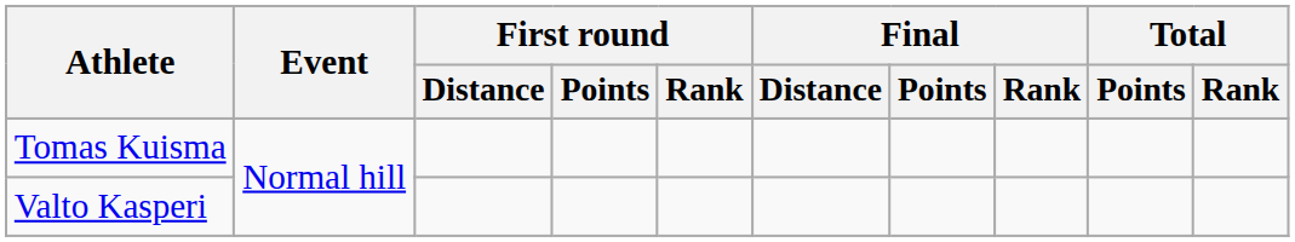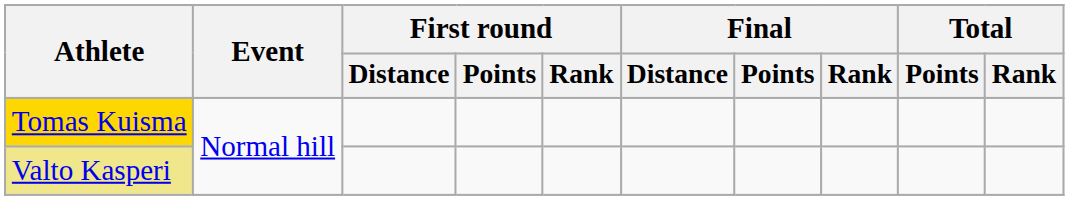 <table class="wikitable" style="font-size:90%">
 <tr>
 <th rowspan=2>Athlete</th>
 <th rowspan=2>Event</th>
 <th colspan=3>First round</th>
 <th colspan=3>Final</th>
 <th colspan=2>Total</th>
 </tr>
 <tr style="font-size:95%">
 <th>Distance</th>
 <th>Points</th>
 <th>Rank</th>
 <th>Distance</th>
 <th>Points</th>
 <th>Rank</th>
 <th>Points</th>
 <th>Rank</th>
 </tr>
 <tr align=center>
-<td align=left><a href='#'>Tomas Kuisma</a></td>
+<td align=left style="background: gold;"><a href='#'>Tomas Kuisma</a></td>
 <td align=left rowspan=2><a href='#'>Normal hill</a></td>
 <td></td>
 <td></td>
 <td></td>
 <td></td>
 <td></td>
 <td></td>
 <td></td>
 <td></td>
 </tr>
 <tr align=center>
-<td align=left><a href='#'>Valto Kasperi</a></td>
+<td align=left style="background: khaki;"><a href='#'>Valto Kasperi</a></td>
 <td></td>
 <td></td>
 <td></td>
 <td></td>
 <td></td>
 <td></td>
 <td></td>
 <td></td>
 </tr>
 </table>
